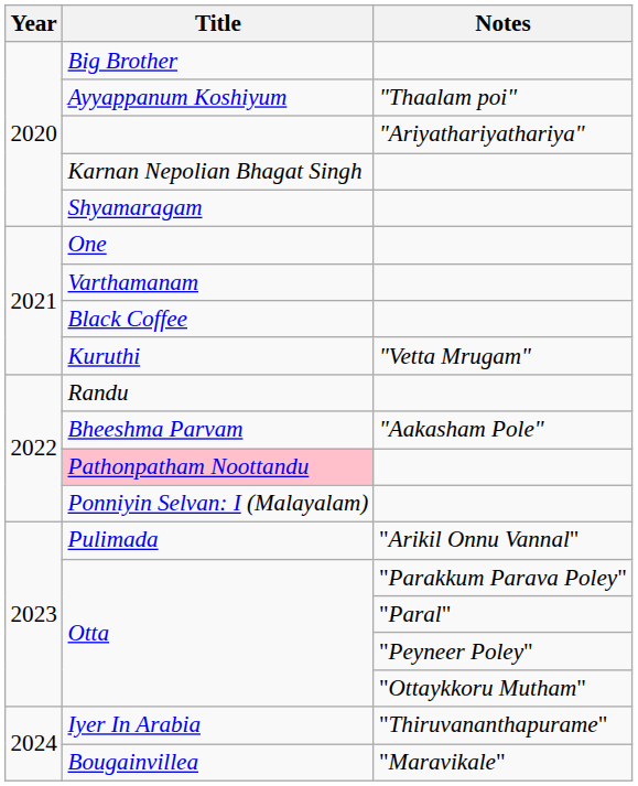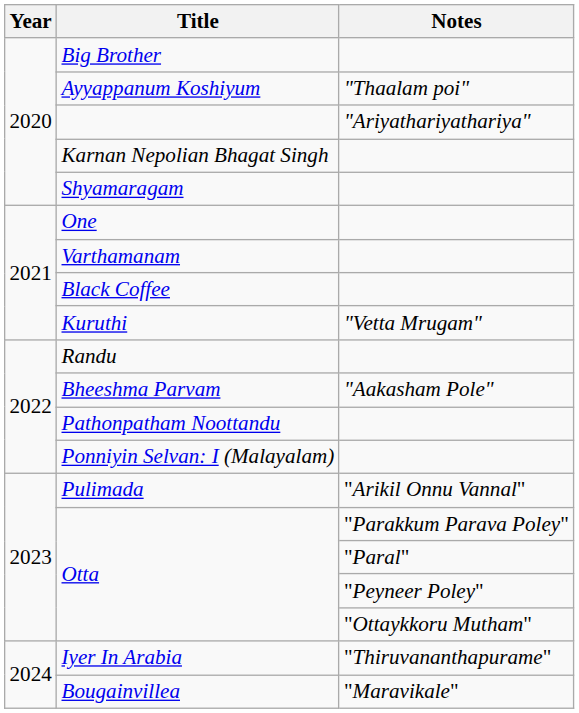 <table class="wikitable">
 <tr>
 <th>Year</th>
 <th>Title</th>
 <th>Notes</th>
 </tr>
 <tr>
 <td rowspan="5">2020</td>
 <td><a href='#'><em>Big Brother</em></a></td>
 <td></td>
 </tr>
 <tr>
 <td><em><a href='#'>Ayyappanum Koshiyum</a></em></td>
 <td><em>"Thaalam poi"</em></td>
 </tr>
 <tr>
 <td></td>
 <td><em>"Ariyathariyathariya"</em></td>
 </tr>
 <tr>
 <td><em>Karnan Nepolian Bhagat Singh</em></td>
 <td></td>
 </tr>
 <tr>
 <td><em><a href='#'>Shyamaragam</a></em></td>
 <td></td>
 </tr>
 <tr>
 <td rowspan=4>2021</td>
 <td><a href='#'><em>One</em></a></td>
 <td></td>
 </tr>
 <tr>
 <td><em><a href='#'>Varthamanam</a></em></td>
 <td></td>
 </tr>
 <tr>
 <td><a href='#'><em>Black Coffee</em></a></td>
 <td></td>
 </tr>
 <tr>
 <td><em><a href='#'>Kuruthi</a></em></td>
 <td><em>"Vetta Mrugam"</em></td>
 </tr>
 <tr>
 <td rowspan=4>2022</td>
 <td><em>Randu</em></td>
 <td></td>
 </tr>
 <tr>
 <td><em><a href='#'>Bheeshma Parvam</a></em></td>
 <td><em>"Aakasham Pole"</em></td>
 </tr>
 <tr>
-<td style="background: pink;"><em><a href='#'>Pathonpatham Noottandu</a></em></td>
+<td><em><a href='#'>Pathonpatham Noottandu</a></em></td>
 <td></td>
 </tr>
 <tr>
 <td><em><a href='#'>Ponniyin Selvan: I</a> (Malayalam)</em></td>
 <td></td>
 </tr>
 <tr>
 <td rowspan="5">2023</td>
 <td><em><a href='#'>Pulimada</a></em></td>
 <td>"<em>Arikil Onnu Vannal</em>"</td>
 </tr>
 <tr>
 <td rowspan="4"><a href='#'><em>Otta</em></a></td>
 <td>"<em>Parakkum Parava Poley</em>"</td>
 </tr>
 <tr>
 <td>"<em>Paral</em>"</td>
 </tr>
 <tr>
 <td>"<em>Peyneer Poley</em>"</td>
 </tr>
 <tr>
 <td>"<em>Ottaykkoru Mutham</em>"</td>
 </tr>
 <tr>
 <td rowspan="2">2024</td>
 <td><em><a href='#'>Iyer In Arabia</a></em></td>
 <td>"<em>Thiruvananthapurame</em>"</td>
 </tr>
 <tr>
 <td><em><a href='#'>Bougainvillea</a></em></td>
 <td>"<em>Maravikale</em>"</td>
 </tr>
 </table>
